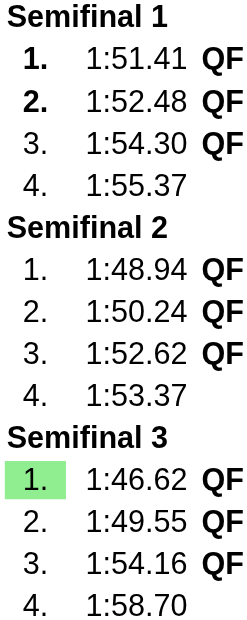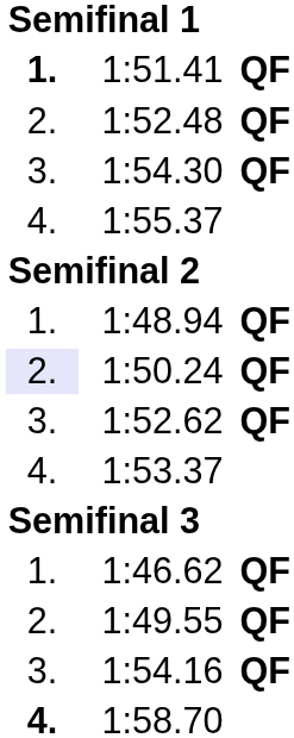 <table style="text-align:center">
 <tr>
 <td colspan=4 align=left><strong>Semifinal 1</strong></td>
 </tr>
 <tr>
 <td width=30><strong>1.</strong></td>
 <td align=left></td>
 <td width=60>1:51.41</td>
 <td><strong>QF</strong></td>
 </tr>
 <tr>
-<td><strong>2.</strong></td>
+<td>2.</td>
 <td align=left></td>
 <td>1:52.48</td>
 <td><strong>QF</strong></td>
 </tr>
 <tr>
 <td>3.</td>
 <td align=left></td>
 <td>1:54.30</td>
 <td><strong>QF</strong></td>
 </tr>
 <tr>
 <td>4.</td>
 <td align=left></td>
 <td>1:55.37</td>
 <td></td>
 </tr>
 <tr>
 <td colspan=4 align=left><strong>Semifinal 2</strong></td>
 </tr>
 <tr>
 <td width=30>1.</td>
 <td align=left></td>
 <td width=60>1:48.94</td>
 <td><strong>QF</strong></td>
 </tr>
 <tr>
-<td>2.</td>
+<td style="background: lavender;">2.</td>
 <td align=left></td>
 <td>1:50.24</td>
 <td><strong>QF</strong></td>
 </tr>
 <tr>
 <td>3.</td>
 <td align=left></td>
 <td>1:52.62</td>
 <td><strong>QF</strong></td>
 </tr>
 <tr>
 <td>4.</td>
 <td align=left></td>
 <td>1:53.37</td>
 <td></td>
 </tr>
 <tr>
 <td colspan=4 align=left><strong>Semifinal 3</strong></td>
 </tr>
 <tr>
-<td width=30 style="background: lightgreen;">1.</td>
+<td width=30>1.</td>
 <td align=left></td>
 <td width=60>1:46.62</td>
 <td><strong>QF</strong></td>
 </tr>
 <tr>
 <td>2.</td>
 <td align=left></td>
 <td>1:49.55</td>
 <td><strong>QF</strong></td>
 </tr>
 <tr>
 <td>3.</td>
 <td align=left></td>
 <td>1:54.16</td>
 <td><strong>QF</strong></td>
 </tr>
 <tr>
-<td>4.</td>
+<td><strong>4.</strong></td>
 <td align=left></td>
 <td>1:58.70</td>
 <td></td>
 </tr>
 </table>
